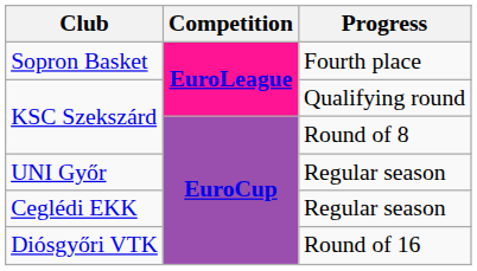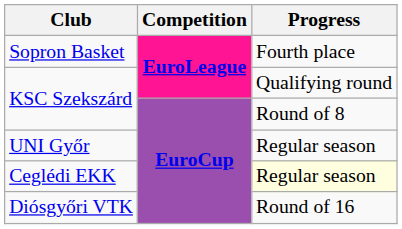 <table class="wikitable sortable">
 <tr>
 <th>Club</th>
 <th>Competition</th>
 <th>Progress</th>
 </tr>
 <tr>
 <td><a href='#'>Sopron Basket</a></td>
 <td rowspan="2" style="background-color:#FF1493;color:#D0D3D4;text-align:center"><strong><a href='#'><span>EuroLeague</span></a></strong></td>
 <td>Fourth place</td>
 </tr>
 <tr>
 <td rowspan=2><a href='#'>KSC Szekszárd</a></td>
 <td>Qualifying round</td>
 </tr>
 <tr>
 <td rowspan="4" style="background-color:#9A4EAE;color:#D0D3D4;text-align:center"><strong><a href='#'><span>EuroCup</span></a></strong></td>
 <td>Round of 8</td>
 </tr>
 <tr>
 <td><a href='#'>UNI Győr</a></td>
 <td>Regular season</td>
 </tr>
 <tr>
 <td><a href='#'>Ceglédi EKK</a></td>
-<td>Regular season</td>
+<td style="background: lightyellow;">Regular season</td>
 </tr>
 <tr>
 <td><a href='#'>Diósgyőri VTK</a></td>
 <td>Round of 16</td>
 </tr>
 </table>
